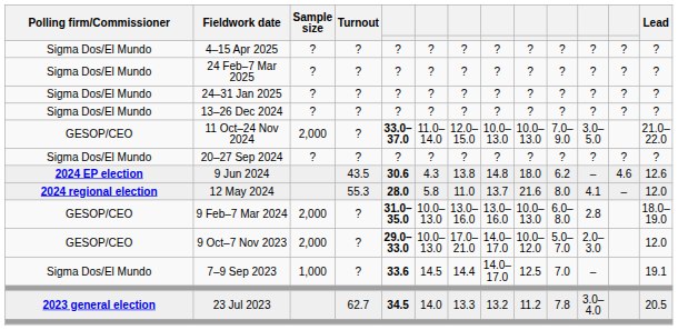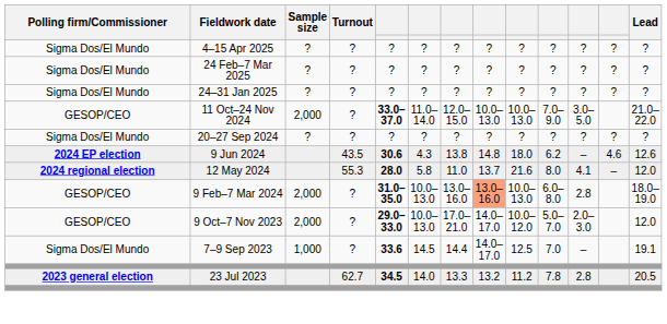 <table class="wikitable collapsible collapsed" style="text-align:center; font-size:95%; line-height:16px;">
 <tr style="height:42px;">
 <th style="width:250px;" rowspan="2">Polling firm/Commissioner</th>
 <th style="width:125px;" rowspan="2">Fieldwork date</th>
 <th style="width:50px;" rowspan="2">Sample size</th>
 <th style="width:45px;" rowspan="2">Turnout</th>
 <th style="width:35px;"></th>
 <th style="width:35px;"></th>
 <th style="width:35px;"></th>
 <th style="width:35px;"></th>
 <th style="width:35px;"></th>
 <th style="width:35px;"></th>
 <th style="width:35px;"></th>
 <th style="width:35px;"></th>
 <th style="width:30px;" rowspan="2">Lead</th>
 </tr>
 <tr>
 <th style="color:inherit;background:"></th>
 <th style="color:inherit;background:"></th>
 <th style="color:inherit;background:"></th>
 <th style="color:inherit;background:"></th>
 <th style="color:inherit;background:"></th>
 <th style="color:inherit;background:"></th>
 <th style="color:inherit;background:"></th>
 <th style="color:inherit;background:"></th>
 </tr>
 <tr>
 <td>Sigma Dos/El Mundo</td>
 <td>4–15 Apr 2025</td>
 <td>?</td>
 <td>?</td>
 <td>?<br></td>
 <td>?<br></td>
 <td>?<br></td>
 <td>?<br></td>
 <td>?<br></td>
 <td>?<br></td>
 <td>?<br></td>
 <td>?<br></td>
 <td style="background:">?</td>
 </tr>
 <tr>
 <td>Sigma Dos/El Mundo</td>
 <td>24 Feb–7 Mar 2025</td>
 <td>?</td>
 <td>?</td>
 <td>?<br></td>
 <td>?<br></td>
 <td>?<br></td>
 <td>?<br></td>
 <td>?<br></td>
 <td>?<br></td>
 <td>?<br></td>
 <td>?<br></td>
 <td style="background:">?</td>
 </tr>
 <tr>
 <td>Sigma Dos/El Mundo</td>
 <td>24–31 Jan 2025</td>
-<td>?</td>
-<td>?</td>
-<td>?<br></td>
-<td>?<br></td>
-<td>?<br></td>
-<td>?<br></td>
-<td>?<br></td>
-<td>?<br></td>
-<td>?<br></td>
-<td>?<br></td>
-<td style="background:">?</td>
-</tr>
-<tr>
-<td>Sigma Dos/El Mundo</td>
-<td>13–26 Dec 2024</td>
 <td>?</td>
 <td>?</td>
 <td>?<br></td>
 <td>?<br></td>
 <td>?<br></td>
 <td>?<br></td>
 <td>?<br></td>
 <td>?<br></td>
 <td>?<br></td>
 <td>?<br></td>
 <td style="background:">?</td>
 </tr>
 <tr>
 <td>GESOP/CEO</td>
 <td>11 Oct–24 Nov 2024</td>
 <td>2,000</td>
 <td>?</td>
 <td><strong>33.0–<br>37.0</strong><br></td>
 <td>11.0–<br>14.0<br></td>
 <td>12.0–<br>15.0<br></td>
 <td>10.0–<br>13.0<br></td>
 <td>10.0–<br>13.0<br></td>
 <td>7.0–<br>9.0<br></td>
 <td>3.0–<br>5.0<br></td>
 <td></td>
 <td style="background:">21.0–<br>22.0</td>
 </tr>
 <tr>
 <td>Sigma Dos/El Mundo</td>
 <td>20–27 Sep 2024</td>
 <td>?</td>
 <td>?</td>
 <td>?<br></td>
 <td>?<br></td>
 <td>?<br></td>
 <td>?<br></td>
 <td>?<br></td>
 <td>?<br></td>
 <td>?<br></td>
 <td>?<br></td>
 <td style="background:">?</td>
 </tr>
 <tr style="background:#EFEFEF;">
 <td><strong><a href='#'>2024 EP election</a></strong></td>
 <td>9 Jun 2024</td>
 <td></td>
 <td>43.5</td>
 <td><strong>30.6</strong><br></td>
 <td>4.3<br></td>
 <td>13.8<br></td>
 <td>14.8<br></td>
 <td>18.0<br></td>
 <td>6.2<br></td>
 <td>–</td>
 <td>4.6<br></td>
 <td style="background:">12.6</td>
 </tr>
 <tr style="background:#EFEFEF;">
 <td><strong><a href='#'>2024 regional election</a></strong></td>
 <td>12 May 2024</td>
 <td></td>
 <td>55.3</td>
 <td><strong>28.0</strong><br></td>
 <td>5.8<br></td>
 <td>11.0<br></td>
 <td>13.7<br></td>
 <td>21.6<br></td>
 <td>8.0<br></td>
 <td>4.1<br></td>
 <td>–</td>
 <td style="background:">12.0</td>
 </tr>
 <tr>
 <td>GESOP/CEO</td>
 <td>9 Feb–7 Mar 2024</td>
 <td>2,000</td>
 <td>?</td>
 <td><strong>31.0–<br>35.0</strong><br></td>
 <td>10.0–<br>13.0<br></td>
 <td>13.0–<br>16.0<br></td>
-<td>13.0–<br>16.0<br></td>
+<td style="background: lightsalmon;">13.0–<br>16.0<br></td>
 <td>10.0–<br>13.0<br></td>
 <td>6.0–<br>8.0<br></td>
 <td>2.8<br></td>
 <td></td>
 <td style="background:">18.0–<br>19.0</td>
 </tr>
 <tr>
 <td>GESOP/CEO</td>
 <td>9 Oct–7 Nov 2023</td>
 <td>2,000</td>
 <td>?</td>
 <td><strong>29.0–<br>33.0</strong><br></td>
 <td>10.0–<br>13.0<br></td>
 <td>17.0–<br>21.0<br></td>
 <td>14.0–<br>17.0<br></td>
 <td>10.0–<br>12.0<br></td>
 <td>5.0–<br>7.0<br></td>
 <td>2.0–<br>3.0<br></td>
 <td></td>
 <td style="background:">12.0</td>
 </tr>
 <tr>
 <td>Sigma Dos/El Mundo</td>
 <td>7–9 Sep 2023</td>
 <td>1,000</td>
 <td>?</td>
 <td><strong>33.6</strong><br></td>
 <td>14.5<br></td>
 <td>14.4<br></td>
 <td>14.0–<br>17.0<br></td>
 <td>12.5<br></td>
 <td>7.0<br></td>
 <td>–</td>
 <td></td>
 <td style="background:">19.1</td>
 </tr>
 <tr>
 <td colspan="13" style="background:#A0A0A0"></td>
 </tr>
 <tr style="background:#EFEFEF;">
 <td><strong><a href='#'>2023 general election</a></strong></td>
 <td>23 Jul 2023</td>
 <td></td>
 <td>62.7</td>
 <td><strong>34.5</strong><br></td>
 <td>14.0<br></td>
 <td>13.3<br></td>
 <td>13.2<br></td>
 <td>11.2<br></td>
 <td>7.8<br></td>
-<td>3.0–<br>4.0<br></td>
+<td>2.8<br></td>
 <td></td>
 <td style="background:">20.5</td>
 </tr>
 <tr>
 <td colspan="13" style="background:#A0A0A0"></td>
 </tr>
 </table>
